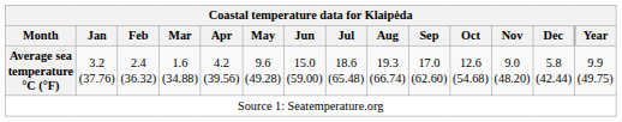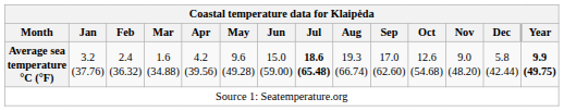 <table style="width:100%;text-align:center;line-height:1.2em;margin-left:auto;margin-right:auto" class="wikitable">
 <tr>
 <th Colspan=14>Coastal temperature data for Klaipėda</th>
 </tr>
 <tr>
 <th>Month</th>
 <th>Jan</th>
 <th>Feb</th>
 <th>Mar</th>
 <th>Apr</th>
 <th>May</th>
 <th>Jun</th>
 <th>Jul</th>
 <th>Aug</th>
 <th>Sep</th>
 <th>Oct</th>
 <th>Nov</th>
 <th>Dec</th>
 <th style="border-left-width:medium">Year</th>
 </tr>
 <tr>
 <th>Average sea temperature °C (°F)</th>
 <td>3.2<br>(37.76)</td>
 <td>2.4<br>(36.32)</td>
 <td>1.6<br>(34.88)</td>
 <td>4.2<br>(39.56)</td>
 <td>9.6<br>(49.28)</td>
 <td>15.0<br>(59.00)</td>
-<td>18.6<br>(65.48)</td>
+<td><strong>18.6<br>(65.48)</strong></td>
 <td>19.3<br>(66.74)</td>
 <td>17.0<br>(62.60)</td>
 <td>12.6<br>(54.68)</td>
 <td>9.0<br>(48.20)</td>
 <td>5.8<br>(42.44)</td>
-<td>9.9<br>(49.75)</td>
+<td><strong>9.9<br>(49.75)</strong></td>
 </tr>
 <tr>
 <th Colspan=14 style="background:#ffffff;font-weight:normal;font-size:100%;">Source 1: Seatemperature.org</th>
 </tr>
 </table>
